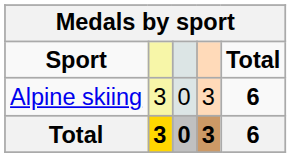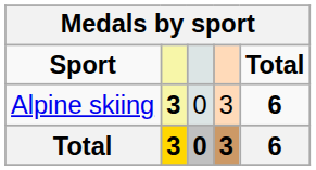 <table class="wikitable" style="font-size:85%;float:right">
 <tr style="background:#efefef;">
 <th colspan=5><strong>Medals by sport</strong></th>
 </tr>
 <tr align=center>
 <td><strong>Sport</strong></td>
 <td bgcolor=#f7f6a8></td>
 <td bgcolor=#dce5e5></td>
 <td bgcolor=#ffdab9></td>
 <td><strong>Total</strong></td>
 </tr>
 <tr align=center>
 <td><a href='#'>Alpine skiing</a></td>
-<td style="background:#F7F6A8;">3</td>
+<td style="background:#F7F6A8;"><strong>3</strong></td>
 <td style="background:#DCE5E5;">0</td>
 <td style="background:#FFDAB9;">3</td>
 <td><strong>6</strong></td>
 </tr>
 <tr align=center>
 <th><strong>Total</strong></th>
 <th style="background:gold;"><strong>3</strong></th>
 <th style="background:silver;"><strong>0</strong></th>
 <th style="background:#c96;"><strong>3</strong></th>
 <th><strong>6</strong></th>
 </tr>
 </table>
